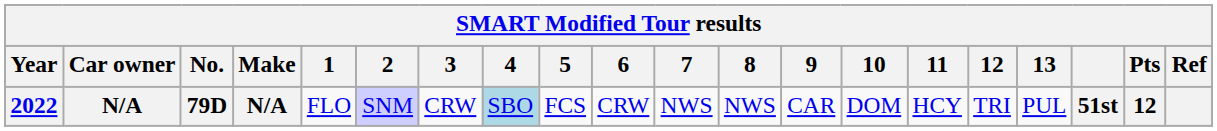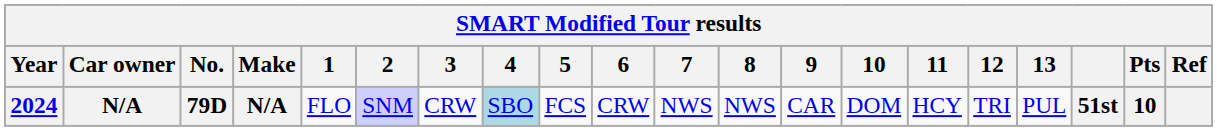 <table class="wikitable" style="text-align:center; font-size:75%">
 <tr>
 <th colspan=38><a href='#'>SMART Modified Tour</a> results</th>
 </tr>
 <tr>
 <th>Year</th>
 <th>Car owner</th>
 <th>No.</th>
 <th>Make</th>
 <th>1</th>
 <th>2</th>
 <th>3</th>
 <th>4</th>
 <th>5</th>
 <th>6</th>
 <th>7</th>
 <th>8</th>
 <th>9</th>
 <th>10</th>
 <th>11</th>
 <th>12</th>
 <th>13</th>
 <th></th>
 <th>Pts</th>
 <th>Ref</th>
 </tr>
 <tr>
-<th><a href='#'>2022</a></th>
+<th><a href='#'>2024</a></th>
 <th>N/A</th>
 <th>79D</th>
 <th>N/A</th>
 <td><a href='#'>FLO</a></td>
 <td style="background:#CFCFFF;"><a href='#'>SNM</a><br></td>
 <td><a href='#'>CRW</a></td>
 <td style="background: lightblue;"><a href='#'>SBO</a></td>
 <td><a href='#'>FCS</a></td>
 <td><a href='#'>CRW</a></td>
 <td><a href='#'>NWS</a></td>
 <td><a href='#'>NWS</a></td>
 <td><a href='#'>CAR</a></td>
 <td><a href='#'>DOM</a></td>
 <td><a href='#'>HCY</a></td>
 <td><a href='#'>TRI</a></td>
 <td><a href='#'>PUL</a></td>
 <th>51st</th>
-<th>12</th>
+<th>10</th>
 <th></th>
 </tr>
 </table>
